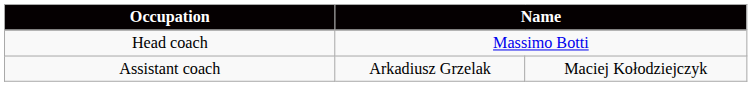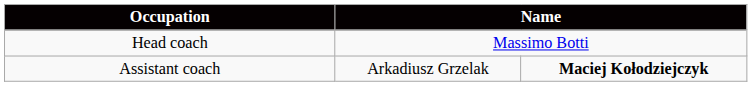 <table class="wikitable" style="font-size:100%; text-align:center">
 <tr>
 <th style="width:20em; color:#FFFFFF; background-color:#050001">Occupation</th>
 <th colspan="2" style="width:25em; color:#FFFFFF; background-color:#050001">Name</th>
 </tr>
 <tr>
 <td>Head coach</td>
 <td colspan="2"> <a href='#'>Massimo Botti</a></td>
 </tr>
 <tr>
 <td>Assistant coach</td>
 <td> Arkadiusz Grzelak</td>
-<td> Maciej Kołodziejczyk</td>
+<td><strong> Maciej Kołodziejczyk</strong></td>
 </tr>
 </table>
